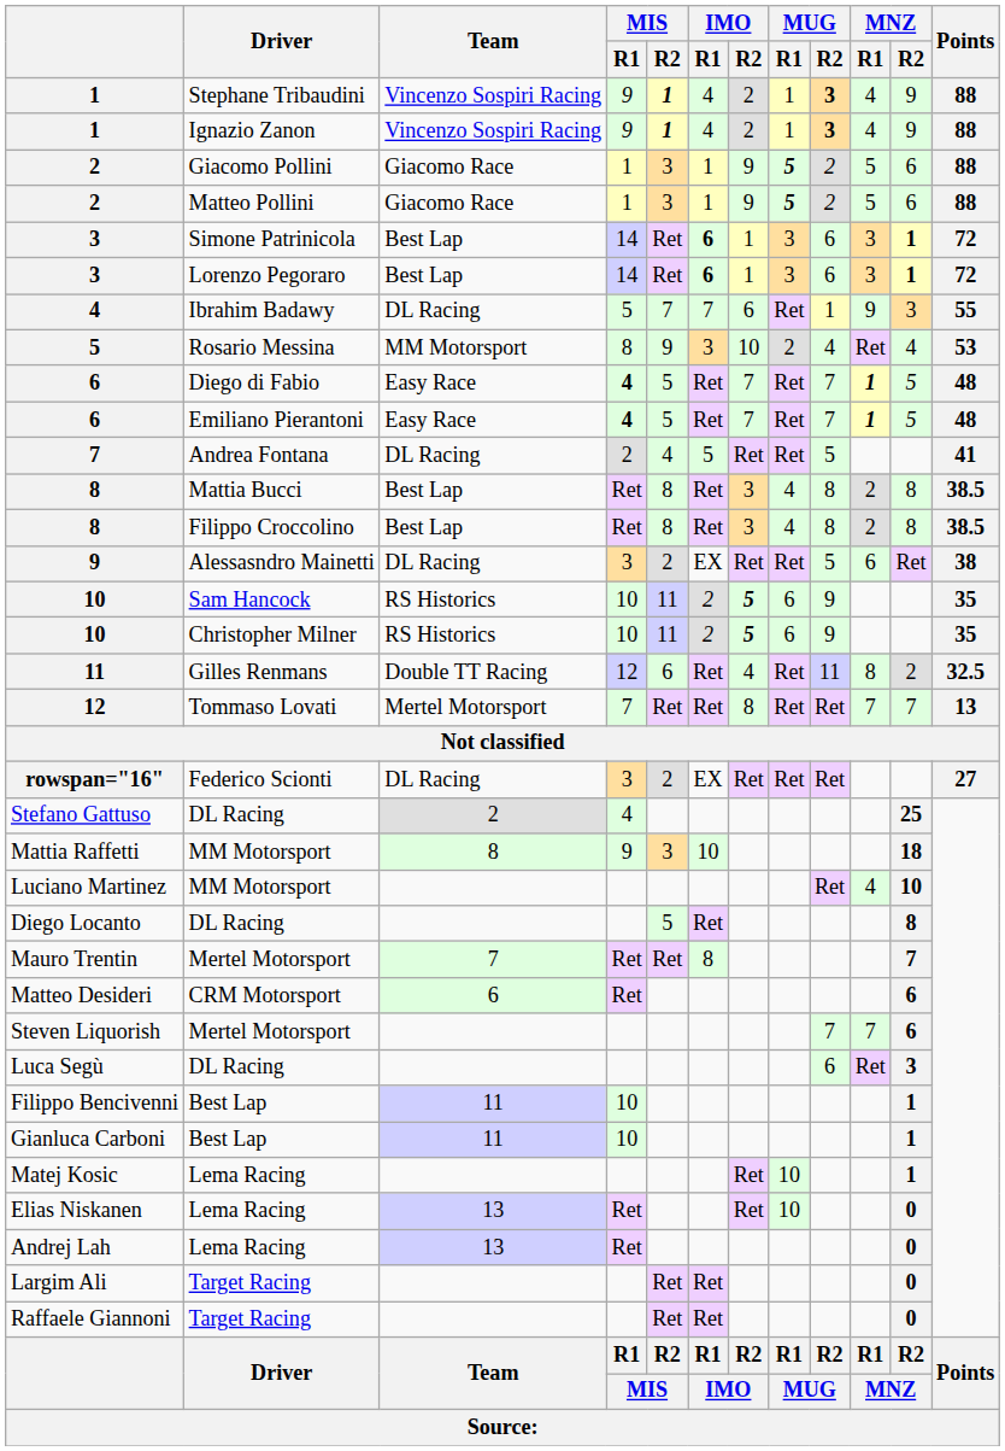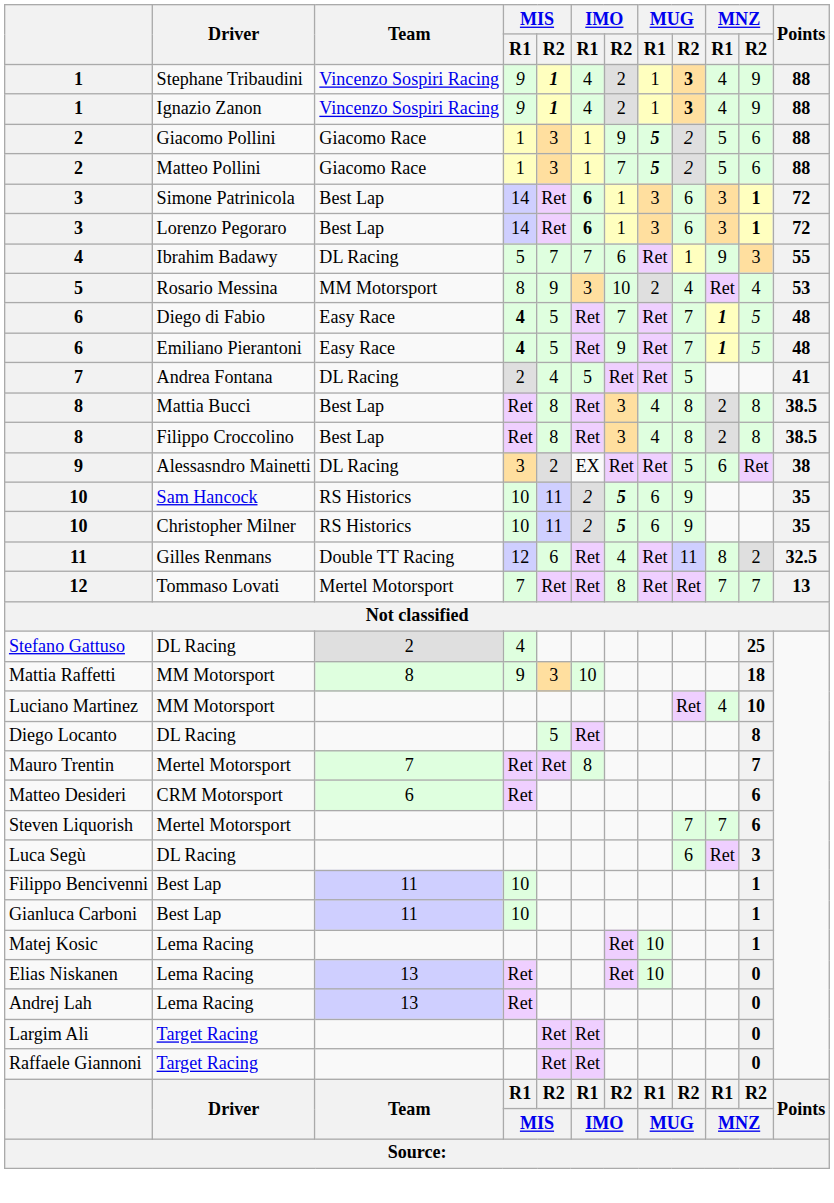 <table class="wikitable" style="font-size:85%; text-align:center;">
 <tr>
 <th rowspan="2"></th>
 <th rowspan="2">Driver</th>
 <th rowspan="2">Team</th>
 <th colspan="2"><a href='#'>MIS</a><br></th>
 <th colspan="2"><a href='#'>IMO</a><br></th>
 <th colspan="2"><a href='#'>MUG</a><br></th>
 <th colspan="2"><a href='#'>MNZ</a><br></th>
 <th rowspan="2">Points</th>
 </tr>
 <tr>
 <th>R1</th>
 <th>R2</th>
 <th>R1</th>
 <th>R2</th>
 <th>R1</th>
 <th>R2</th>
 <th>R1</th>
 <th>R2</th>
 </tr>
 <tr>
 <th>1</th>
 <td style="text-align:left"> Stephane Tribaudini</td>
 <td style="text-align:left"> <a href='#'>Vincenzo Sospiri Racing</a></td>
 <td style="background:#DFFFDF"><em>9</em></td>
 <td style="background:#FFFFBF"><strong><em>1</em></strong></td>
 <td style="background:#DFFFDF">4</td>
 <td style="background:#DFDFDF">2</td>
 <td style="background:#FFFFBF">1</td>
 <td style="background:#FFDF9F"><strong>3</strong></td>
 <td style="background:#DFFFDF">4</td>
 <td style="background:#DFFFDF">9</td>
 <th>88</th>
 </tr>
 <tr>
 <th>1</th>
 <td style="text-align:left"> Ignazio Zanon</td>
 <td style="text-align:left"> <a href='#'>Vincenzo Sospiri Racing</a></td>
 <td style="background:#DFFFDF"><em>9</em></td>
 <td style="background:#FFFFBF"><strong><em>1</em></strong></td>
 <td style="background:#DFFFDF">4</td>
 <td style="background:#DFDFDF">2</td>
 <td style="background:#FFFFBF">1</td>
 <td style="background:#FFDF9F"><strong>3</strong></td>
 <td style="background:#DFFFDF">4</td>
 <td style="background:#DFFFDF">9</td>
 <th>88</th>
 </tr>
 <tr>
 <th>2</th>
 <td style="text-align:left"> Giacomo Pollini</td>
 <td style="text-align:left"> Giacomo Race</td>
 <td style="background:#FFFFBF">1</td>
 <td style="background:#FFDF9F">3</td>
 <td style="background:#FFFFBF">1</td>
 <td style="background:#DFFFDF">9</td>
 <td style="background:#DFFFDF"><strong><em>5</em></strong></td>
 <td style="background:#DFDFDF"><em>2</em></td>
 <td style="background:#DFFFDF">5</td>
 <td style="background:#DFFFDF">6</td>
 <th>88</th>
 </tr>
 <tr>
 <th>2</th>
 <td style="text-align:left"> Matteo Pollini</td>
 <td style="text-align:left"> Giacomo Race</td>
 <td style="background:#FFFFBF">1</td>
 <td style="background:#FFDF9F">3</td>
 <td style="background:#FFFFBF">1</td>
-<td style="background:#DFFFDF">9</td>
+<td style="background:#DFFFDF">7</td>
 <td style="background:#DFFFDF"><strong><em>5</em></strong></td>
 <td style="background:#DFDFDF"><em>2</em></td>
 <td style="background:#DFFFDF">5</td>
 <td style="background:#DFFFDF">6</td>
 <th>88</th>
 </tr>
 <tr>
 <th>3</th>
 <td style="text-align:left"> Simone Patrinicola</td>
 <td style="text-align:left"> Best Lap</td>
 <td style="background:#CFCFFF">14</td>
 <td style="background:#EFCFFF">Ret</td>
 <td style="background:#DFFFDF"><strong>6</strong></td>
 <td style="background:#FFFFBF">1</td>
 <td style="background:#FFDF9F">3</td>
 <td style="background:#DFFFDF">6</td>
 <td style="background:#FFDF9F">3</td>
 <td style="background:#FFFFBF"><strong>1</strong></td>
 <th>72</th>
 </tr>
 <tr>
 <th>3</th>
 <td style="text-align:left"> Lorenzo Pegoraro</td>
 <td style="text-align:left"> Best Lap</td>
 <td style="background:#CFCFFF">14</td>
 <td style="background:#EFCFFF">Ret</td>
 <td style="background:#DFFFDF"><strong>6</strong></td>
 <td style="background:#FFFFBF">1</td>
 <td style="background:#FFDF9F">3</td>
 <td style="background:#DFFFDF">6</td>
 <td style="background:#FFDF9F">3</td>
 <td style="background:#FFFFBF"><strong>1</strong></td>
 <th>72</th>
 </tr>
 <tr>
 <th>4</th>
 <td style="text-align:left"> Ibrahim Badawy</td>
 <td style="text-align:left"> DL Racing</td>
 <td style="background:#DFFFDF">5</td>
 <td style="background:#DFFFDF">7</td>
 <td style="background:#DFFFDF">7</td>
 <td style="background:#DFFFDF">6</td>
 <td style="background:#EFCFFF">Ret</td>
 <td style="background:#FFFFBF">1</td>
 <td style="background:#DFFFDF">9</td>
 <td style="background:#FFDF9F">3</td>
 <th>55</th>
 </tr>
 <tr>
 <th>5</th>
 <td style="text-align:left"> Rosario Messina</td>
 <td style="text-align:left"> MM Motorsport</td>
 <td style="background:#DFFFDF">8</td>
 <td style="background:#DFFFDF">9</td>
 <td style="background:#FFDF9F">3</td>
 <td style="background:#DFFFDF">10</td>
 <td style="background:#DFDFDF">2</td>
 <td style="background:#DFFFDF">4</td>
 <td style="background:#EFCFFF">Ret</td>
 <td style="background:#DFFFDF">4</td>
 <th>53</th>
 </tr>
 <tr>
 <th>6</th>
 <td style="text-align:left"> Diego di Fabio</td>
 <td style="text-align:left"> Easy Race</td>
 <td style="background:#DFFFDF"><strong>4</strong></td>
 <td style="background:#DFFFDF">5</td>
 <td style="background:#EFCFFF">Ret</td>
 <td style="background:#DFFFDF">7</td>
 <td style="background:#EFCFFF">Ret</td>
 <td style="background:#DFFFDF">7</td>
 <td style="background:#FFFFBF"><strong><em>1</em></strong></td>
 <td style="background:#DFFFDF"><em>5</em></td>
 <th>48</th>
 </tr>
 <tr>
 <th>6</th>
 <td style="text-align:left"> Emiliano Pierantoni</td>
 <td style="text-align:left"> Easy Race</td>
 <td style="background:#DFFFDF"><strong>4</strong></td>
 <td style="background:#DFFFDF">5</td>
 <td style="background:#EFCFFF">Ret</td>
-<td style="background:#DFFFDF">7</td>
+<td style="background:#DFFFDF">9</td>
 <td style="background:#EFCFFF">Ret</td>
 <td style="background:#DFFFDF">7</td>
 <td style="background:#FFFFBF"><strong><em>1</em></strong></td>
 <td style="background:#DFFFDF"><em>5</em></td>
 <th>48</th>
 </tr>
 <tr>
 <th>7</th>
 <td style="text-align:left"> Andrea Fontana</td>
 <td style="text-align:left"> DL Racing</td>
 <td style="background:#DFDFDF">2</td>
 <td style="background:#DFFFDF">4</td>
 <td style="background:#DFFFDF">5</td>
 <td style="background:#EFCFFF">Ret</td>
 <td style="background:#EFCFFF">Ret</td>
 <td style="background:#DFFFDF">5</td>
 <td style="background:#"></td>
 <td style="background:#"></td>
 <th>41</th>
 </tr>
 <tr>
 <th>8</th>
 <td style="text-align:left"> Mattia Bucci</td>
 <td style="text-align:left"> Best Lap</td>
 <td style="background:#EFCFFF">Ret</td>
 <td style="background:#DFFFDF">8</td>
 <td style="background:#EFCFFF">Ret</td>
 <td style="background:#FFDF9F">3</td>
 <td style="background:#DFFFDF">4</td>
 <td style="background:#DFFFDF">8</td>
 <td style="background:#DFDFDF">2</td>
 <td style="background:#DFFFDF">8</td>
 <th>38.5</th>
 </tr>
 <tr>
 <th>8</th>
 <td style="text-align:left"> Filippo Croccolino</td>
 <td style="text-align:left"> Best Lap</td>
 <td style="background:#EFCFFF">Ret</td>
 <td style="background:#DFFFDF">8</td>
 <td style="background:#EFCFFF">Ret</td>
 <td style="background:#FFDF9F">3</td>
 <td style="background:#DFFFDF">4</td>
 <td style="background:#DFFFDF">8</td>
 <td style="background:#DFDFDF">2</td>
 <td style="background:#DFFFDF">8</td>
 <th>38.5</th>
 </tr>
 <tr>
 <th>9</th>
 <td style="text-align:left"> Alessasndro Mainetti</td>
 <td style="text-align:left"> DL Racing</td>
 <td style="background:#FFDF9F">3</td>
 <td style="background:#DFDFDF">2</td>
 <td style="background:#">EX</td>
 <td style="background:#EFCFFF">Ret</td>
 <td style="background:#EFCFFF">Ret</td>
 <td style="background:#DFFFDF">5</td>
 <td style="background:#DFFFDF">6</td>
 <td style="background:#EFCFFF">Ret</td>
 <th>38</th>
 </tr>
 <tr>
 <th>10</th>
 <td style="text-align:left"> <a href='#'>Sam Hancock</a></td>
 <td style="text-align:left"> RS Historics</td>
 <td style="background:#DFFFDF">10</td>
 <td style="background:#CFCFFF">11</td>
 <td style="background:#DFDFDF"><em>2</em></td>
 <td style="background:#DFFFDF"><strong><em>5</em></strong></td>
 <td style="background:#DFFFDF">6</td>
 <td style="background:#DFFFDF">9</td>
 <td style="background:#"></td>
 <td style="background:#"></td>
 <th>35</th>
 </tr>
 <tr>
 <th>10</th>
 <td style="text-align:left"> Christopher Milner</td>
 <td style="text-align:left"> RS Historics</td>
 <td style="background:#DFFFDF">10</td>
 <td style="background:#CFCFFF">11</td>
 <td style="background:#DFDFDF"><em>2</em></td>
 <td style="background:#DFFFDF"><strong><em>5</em></strong></td>
 <td style="background:#DFFFDF">6</td>
 <td style="background:#DFFFDF">9</td>
 <td style="background:#"></td>
 <td style="background:#"></td>
 <th>35</th>
 </tr>
 <tr>
 <th>11</th>
 <td style="text-align:left"> Gilles Renmans</td>
 <td style="text-align:left"> Double TT Racing</td>
 <td style="background:#CFCFFF">12</td>
 <td style="background:#DFFFDF">6</td>
 <td style="background:#EFCFFF">Ret</td>
 <td style="background:#DFFFDF">4</td>
 <td style="background:#EFCFFF">Ret</td>
 <td style="background:#CFCFFF">11</td>
 <td style="background:#DFFFDF">8</td>
 <td style="background:#DFDFDF">2</td>
 <th>32.5</th>
 </tr>
 <tr>
 <th>12</th>
 <td style="text-align:left"> Tommaso Lovati</td>
 <td style="text-align:left"> Mertel Motorsport</td>
 <td style="background:#DFFFDF">7</td>
 <td style="background:#EFCFFF">Ret</td>
 <td style="background:#EFCFFF">Ret</td>
 <td style="background:#DFFFDF">8</td>
 <td style="background:#EFCFFF">Ret</td>
 <td style="background:#EFCFFF">Ret</td>
 <td style="background:#DFFFDF">7</td>
 <td style="background:#DFFFDF">7</td>
 <th>13</th>
 </tr>
 <tr>
 <th colspan="12">Not classified</th>
-</tr>
-<tr>
-<th>rowspan="16" </th>
-<td style="text-align:left"> Federico Scionti</td>
-<td style="text-align:left"> DL Racing</td>
-<td style="background:#FFDF9F">3</td>
-<td style="background:#DFDFDF">2</td>
-<td style="background:#">EX</td>
-<td style="background:#EFCFFF">Ret</td>
-<td style="background:#EFCFFF">Ret</td>
-<td style="background:#EFCFFF">Ret</td>
-<td style="background:#"></td>
-<td style="background:#"></td>
-<th>27</th>
 </tr>
 <tr>
 <td style="text-align:left"> <a href='#'>Stefano Gattuso</a></td>
 <td style="text-align:left"> DL Racing</td>
 <td style="background:#DFDFDF">2</td>
 <td style="background:#DFFFDF">4</td>
 <td style="background:#"></td>
 <td style="background:#"></td>
 <td style="background:#"></td>
 <td style="background:#"></td>
 <td style="background:#"></td>
 <td style="background:#"></td>
 <th>25</th>
 </tr>
 <tr>
 <td style="text-align:left"> Mattia Raffetti</td>
 <td style="text-align:left"> MM Motorsport</td>
 <td style="background:#DFFFDF">8</td>
 <td style="background:#DFFFDF">9</td>
 <td style="background:#FFDF9F">3</td>
 <td style="background:#DFFFDF">10</td>
 <td style="background:#"></td>
 <td style="background:#"></td>
 <td style="background:#"></td>
 <td style="background:#"></td>
 <th>18</th>
 </tr>
 <tr>
 <td style="text-align:left"> Luciano Martinez</td>
 <td style="text-align:left"> MM Motorsport</td>
 <td style="background:#"></td>
 <td style="background:#"></td>
 <td style="background:#"></td>
 <td style="background:#"></td>
 <td style="background:#"></td>
 <td style="background:#"></td>
 <td style="background:#EFCFFF">Ret</td>
 <td style="background:#DFFFDF">4</td>
 <th>10</th>
 </tr>
 <tr>
 <td style="text-align:left"> Diego Locanto</td>
 <td style="text-align:left"> DL Racing</td>
 <td style="background:#"></td>
 <td style="background:#"></td>
 <td style="background:#DFFFDF">5</td>
 <td style="background:#EFCFFF">Ret</td>
 <td style="background:#"></td>
 <td style="background:#"></td>
 <td style="background:#"></td>
 <td style="background:#"></td>
 <th>8</th>
 </tr>
 <tr>
 <td style="text-align:left"> Mauro Trentin</td>
 <td style="text-align:left"> Mertel Motorsport</td>
 <td style="background:#DFFFDF">7</td>
 <td style="background:#EFCFFF">Ret</td>
 <td style="background:#EFCFFF">Ret</td>
 <td style="background:#DFFFDF">8</td>
 <td style="background:#"></td>
 <td style="background:#"></td>
 <td style="background:#"></td>
 <td style="background:#"></td>
 <th>7</th>
 </tr>
 <tr>
 <td style="text-align:left"> Matteo Desideri</td>
 <td style="text-align:left"> CRM Motorsport</td>
 <td style="background:#DFFFDF">6</td>
 <td style="background:#EFCFFF">Ret</td>
 <td style="background:#"></td>
 <td style="background:#"></td>
 <td style="background:#"></td>
 <td style="background:#"></td>
 <td style="background:#"></td>
 <td style="background:#"></td>
 <th>6</th>
 </tr>
 <tr>
 <td style="text-align:left"> Steven Liquorish</td>
 <td style="text-align:left"> Mertel Motorsport</td>
 <td style="background:#"></td>
 <td style="background:#"></td>
 <td style="background:#"></td>
 <td style="background:#"></td>
 <td style="background:#"></td>
 <td style="background:#"></td>
 <td style="background:#DFFFDF">7</td>
 <td style="background:#DFFFDF">7</td>
 <th>6</th>
 </tr>
 <tr>
 <td style="text-align:left"> Luca Segù</td>
 <td style="text-align:left"> DL Racing</td>
 <td style="background:#"></td>
 <td style="background:#"></td>
 <td style="background:#"></td>
 <td style="background:#"></td>
 <td style="background:#"></td>
 <td style="background:#"></td>
 <td style="background:#DFFFDF">6</td>
 <td style="background:#EFCFFF">Ret</td>
 <th>3</th>
 </tr>
 <tr>
 <td style="text-align:left"> Filippo Bencivenni</td>
 <td style="text-align:left"> Best Lap</td>
 <td style="background:#CFCFFF">11</td>
 <td style="background:#DFFFDF">10</td>
 <td style="background:#"></td>
 <td style="background:#"></td>
 <td style="background:#"></td>
 <td style="background:#"></td>
 <td style="background:#"></td>
 <td style="background:#"></td>
 <th>1</th>
 </tr>
 <tr>
 <td style="text-align:left"> Gianluca Carboni</td>
 <td style="text-align:left"> Best Lap</td>
 <td style="background:#CFCFFF">11</td>
 <td style="background:#DFFFDF">10</td>
 <td style="background:#"></td>
 <td style="background:#"></td>
 <td style="background:#"></td>
 <td style="background:#"></td>
 <td style="background:#"></td>
 <td style="background:#"></td>
 <th>1</th>
 </tr>
 <tr>
 <td style="text-align:left"> Matej Kosic</td>
 <td style="text-align:left"> Lema Racing</td>
 <td style="background:#"></td>
 <td style="background:#"></td>
 <td style="background:#"></td>
 <td style="background:#"></td>
 <td style="background:#EFCFFF">Ret</td>
 <td style="background:#DFFFDF">10</td>
 <td style="background:#"></td>
 <td style="background:#"></td>
 <th>1</th>
 </tr>
 <tr>
 <td style="text-align:left"> Elias Niskanen</td>
 <td style="text-align:left"> Lema Racing</td>
 <td style="background:#CFCFFF">13</td>
 <td style="background:#EFCFFF">Ret</td>
 <td style="background:#"></td>
 <td style="background:#"></td>
 <td style="background:#EFCFFF">Ret</td>
 <td style="background:#DFFFDF">10</td>
 <td style="background:#"></td>
 <td style="background:#"></td>
 <th>0</th>
 </tr>
 <tr>
 <td style="text-align:left"> Andrej Lah</td>
 <td style="text-align:left"> Lema Racing</td>
 <td style="background:#CFCFFF">13</td>
 <td style="background:#EFCFFF">Ret</td>
 <td style="background:#"></td>
 <td style="background:#"></td>
 <td style="background:#"></td>
 <td style="background:#"></td>
 <td style="background:#"></td>
 <td style="background:#"></td>
 <th>0</th>
 </tr>
 <tr>
 <td style="text-align:left"> Largim Ali</td>
 <td style="text-align:left"> <a href='#'>Target Racing</a></td>
 <td style="background:#"></td>
 <td style="background:#"></td>
 <td style="background:#EFCFFF">Ret</td>
 <td style="background:#EFCFFF">Ret</td>
 <td style="background:#"></td>
 <td style="background:#"></td>
 <td style="background:#"></td>
 <td style="background:#"></td>
 <th>0</th>
 </tr>
 <tr>
 <td style="text-align:left"> Raffaele Giannoni</td>
 <td style="text-align:left"> <a href='#'>Target Racing</a></td>
 <td style="background:#"></td>
 <td style="background:#"></td>
 <td style="background:#EFCFFF">Ret</td>
 <td style="background:#EFCFFF">Ret</td>
 <td style="background:#"></td>
 <td style="background:#"></td>
 <td style="background:#"></td>
 <td style="background:#"></td>
 <th>0</th>
 </tr>
 <tr>
 <th rowspan="2"></th>
 <th rowspan="2">Driver</th>
 <th rowspan="2">Team</th>
 <th>R1</th>
 <th>R2</th>
 <th>R1</th>
 <th>R2</th>
 <th>R1</th>
 <th>R2</th>
 <th>R1</th>
 <th>R2</th>
 <th rowspan="2">Points</th>
 </tr>
 <tr>
 <th colspan="2"><a href='#'>MIS</a><br></th>
 <th colspan="2"><a href='#'>IMO</a><br></th>
 <th colspan="2"><a href='#'>MUG</a><br></th>
 <th colspan="2"><a href='#'>MNZ</a><br></th>
 </tr>
 <tr>
 <th colspan="12">Source:</th>
 </tr>
 </table>
